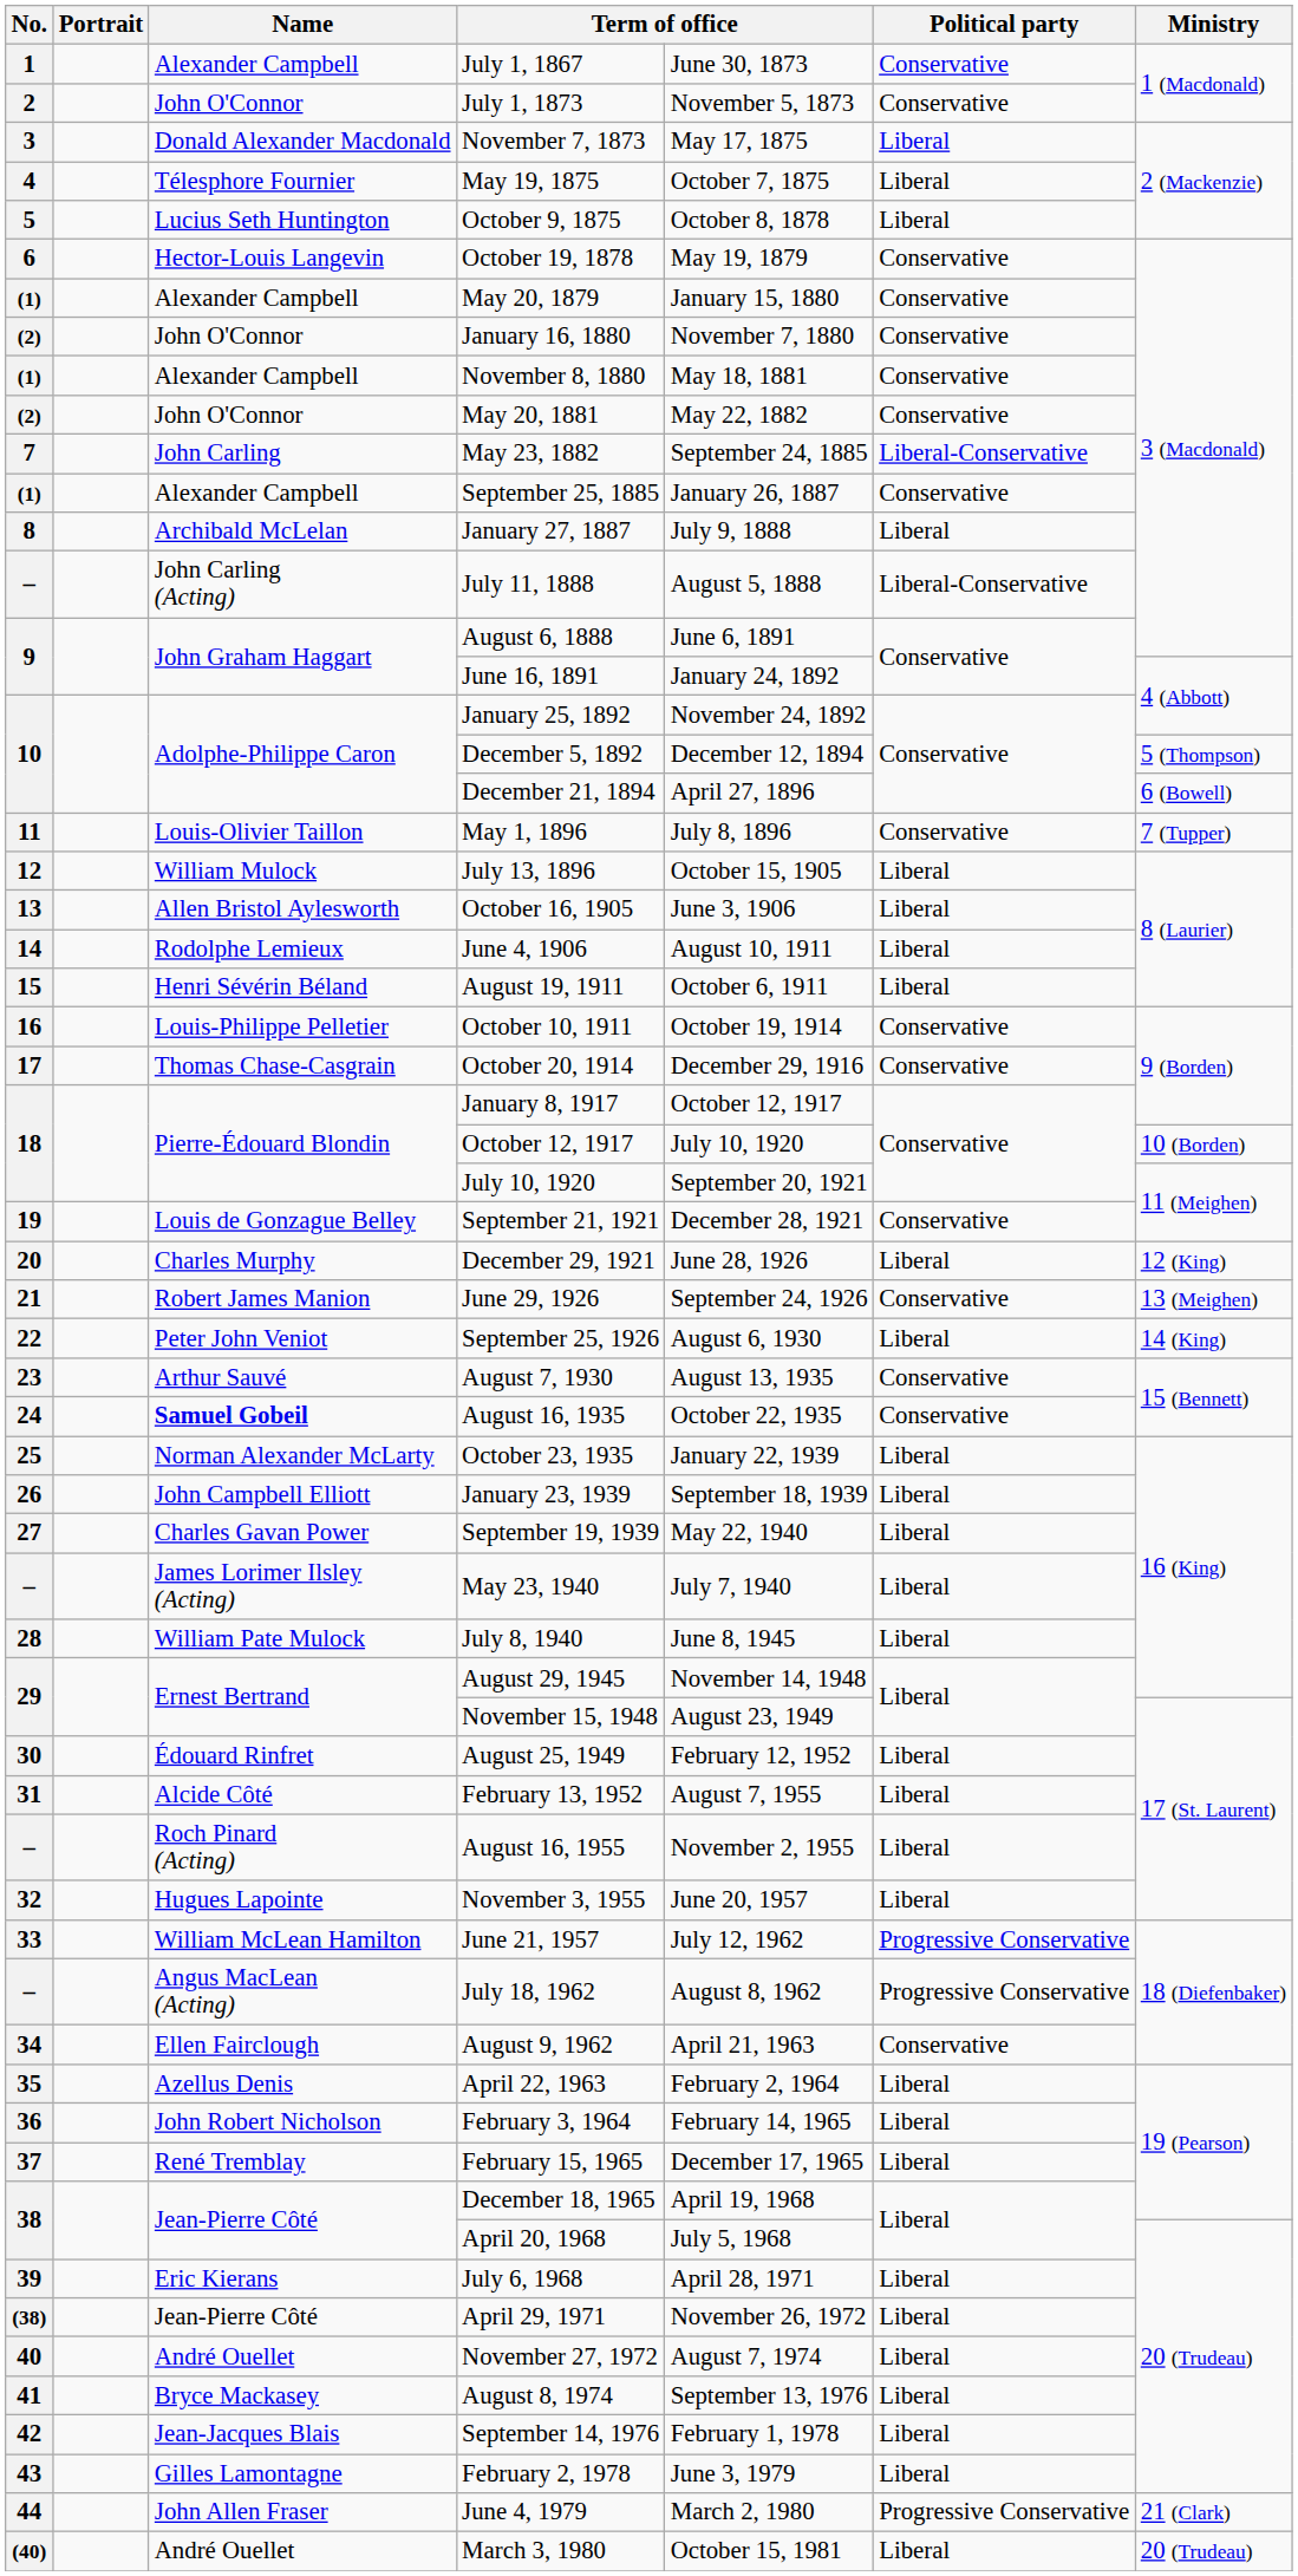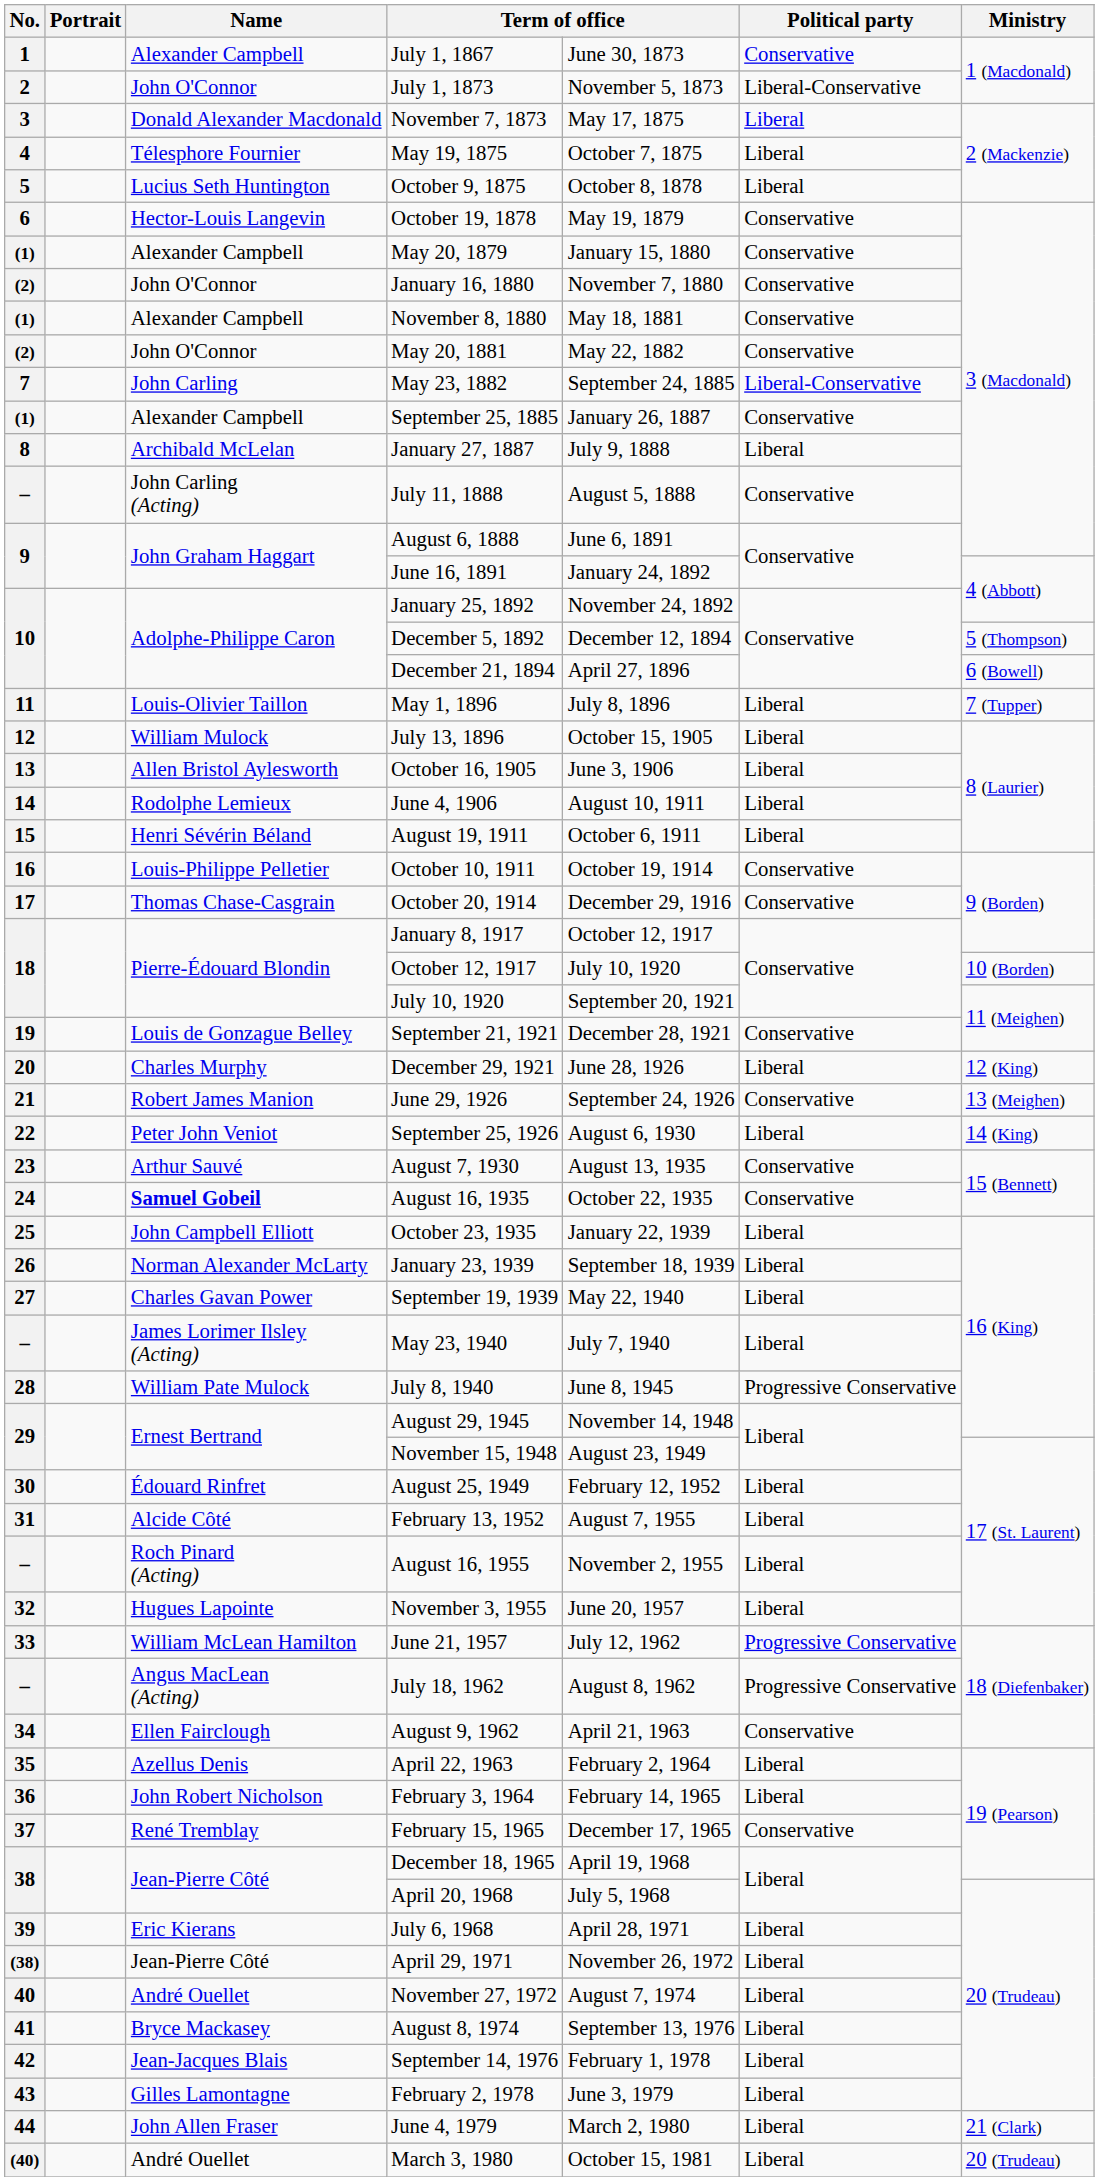 <table class="wikitable">
 <tr>
 <th>No.</th>
 <th>Portrait</th>
 <th>Name</th>
 <th colspan="2">Term of office</th>
 <th>Political party</th>
 <th>Ministry</th>
 </tr>
 <tr>
 <th style="background:">1</th>
 <td></td>
 <td><a href='#'>Alexander Campbell</a></td>
 <td>July 1, 1867</td>
 <td>June 30, 1873</td>
 <td><a href='#'>Conservative</a></td>
 <td rowspan="2"><a href='#'>1</a> <small>(<a href='#'>Macdonald</a>)</small></td>
 </tr>
 <tr>
 <th style="background:">2</th>
 <td></td>
 <td><a href='#'>John O'Connor</a></td>
 <td>July 1, 1873</td>
 <td>November 5, 1873</td>
-<td>Conservative</td>
+<td>Liberal-Conservative</td>
 </tr>
 <tr>
 <th style="background:">3</th>
 <td></td>
 <td><a href='#'>Donald Alexander Macdonald</a></td>
 <td>November 7, 1873</td>
 <td>May 17, 1875</td>
 <td><a href='#'>Liberal</a></td>
 <td rowspan="3"><a href='#'>2</a> <small>(<a href='#'>Mackenzie</a>)</small></td>
 </tr>
 <tr>
 <th style="background:">4</th>
 <td></td>
 <td><a href='#'>Télesphore Fournier</a></td>
 <td>May 19, 1875</td>
 <td>October 7, 1875</td>
 <td>Liberal</td>
 </tr>
 <tr>
 <th style="background:">5</th>
 <td></td>
 <td><a href='#'>Lucius Seth Huntington</a></td>
 <td>October 9, 1875</td>
 <td>October 8, 1878</td>
 <td>Liberal</td>
 </tr>
 <tr>
 <th style="background:">6</th>
 <td></td>
 <td><a href='#'>Hector-Louis Langevin</a></td>
 <td>October 19, 1878</td>
 <td>May 19, 1879</td>
 <td>Conservative</td>
 <td rowspan="10"><a href='#'>3</a> <small>(<a href='#'>Macdonald</a>)</small></td>
 </tr>
 <tr>
 <th style="background:"><small>(1)</small></th>
 <td></td>
 <td>Alexander Campbell</td>
 <td>May 20, 1879</td>
 <td>January 15, 1880</td>
 <td>Conservative</td>
 </tr>
 <tr>
 <th style="background:"><small>(2)</small></th>
 <td></td>
 <td>John O'Connor</td>
 <td>January 16, 1880</td>
 <td>November 7, 1880</td>
 <td>Conservative</td>
 </tr>
 <tr>
 <th style="background:"><small>(1)</small></th>
 <td></td>
 <td>Alexander Campbell</td>
 <td>November 8, 1880</td>
 <td>May 18, 1881</td>
 <td>Conservative</td>
 </tr>
 <tr>
 <th style="background:"><small>(2)</small></th>
 <td></td>
 <td>John O'Connor</td>
 <td>May 20, 1881</td>
 <td>May 22, 1882</td>
 <td>Conservative</td>
 </tr>
 <tr>
 <th style="background:">7</th>
 <td></td>
 <td><a href='#'>John Carling</a></td>
 <td>May 23, 1882</td>
 <td>September 24, 1885</td>
 <td><a href='#'>Liberal-Conservative</a></td>
 </tr>
 <tr>
 <th style="background:"><small>(1)</small></th>
 <td></td>
 <td>Alexander Campbell</td>
 <td>September 25, 1885</td>
 <td>January 26, 1887</td>
 <td>Conservative</td>
 </tr>
 <tr>
 <th style="background:">8</th>
 <td></td>
 <td><a href='#'>Archibald McLelan</a></td>
 <td>January 27, 1887</td>
 <td>July 9, 1888</td>
 <td>Liberal</td>
 </tr>
 <tr>
 <th style="background:">–</th>
 <td></td>
 <td>John Carling<br><em>(Acting)</em></td>
 <td>July 11, 1888</td>
 <td>August 5, 1888</td>
-<td>Liberal-Conservative</td>
+<td>Conservative</td>
 </tr>
 <tr>
 <th rowspan="2" style="background:">9</th>
 <td rowspan="2"></td>
 <td rowspan="2"><a href='#'>John Graham Haggart</a></td>
 <td>August 6, 1888</td>
 <td>June 6, 1891</td>
 <td rowspan="2">Conservative</td>
 </tr>
 <tr>
 <td>June 16, 1891</td>
 <td>January 24, 1892</td>
 <td rowspan="2"><a href='#'>4</a> <small>(<a href='#'>Abbott</a>)</small></td>
 </tr>
 <tr>
 <th rowspan="3" style="background:">10</th>
 <td rowspan="3"></td>
 <td rowspan="3"><a href='#'>Adolphe-Philippe Caron</a></td>
 <td>January 25, 1892</td>
 <td>November 24, 1892</td>
 <td rowspan="3">Conservative</td>
 </tr>
 <tr>
 <td>December 5, 1892</td>
 <td>December 12, 1894</td>
 <td><a href='#'>5</a> <small>(<a href='#'>Thompson</a>)</small></td>
 </tr>
 <tr>
 <td>December 21, 1894</td>
 <td>April 27, 1896</td>
 <td><a href='#'>6</a> <small>(<a href='#'>Bowell</a>)</small></td>
 </tr>
 <tr>
 <th style="background:">11</th>
 <td></td>
 <td><a href='#'>Louis-Olivier Taillon</a></td>
 <td>May 1, 1896</td>
 <td>July 8, 1896</td>
-<td>Conservative</td>
+<td>Liberal</td>
 <td><a href='#'>7</a> <small>(<a href='#'>Tupper</a>)</small></td>
 </tr>
 <tr>
 <th style="background:">12</th>
 <td></td>
 <td><a href='#'>William Mulock</a></td>
 <td>July 13, 1896</td>
 <td>October 15, 1905</td>
 <td>Liberal</td>
 <td rowspan="4"><a href='#'>8</a> <small>(</small><small><a href='#'>Laurier</a>)</small></td>
 </tr>
 <tr>
 <th style="background:">13</th>
 <td></td>
 <td><a href='#'>Allen Bristol Aylesworth</a></td>
 <td>October 16, 1905</td>
 <td>June 3, 1906</td>
 <td>Liberal</td>
 </tr>
 <tr>
 <th style="background:">14</th>
 <td></td>
 <td><a href='#'>Rodolphe Lemieux</a></td>
 <td>June 4, 1906</td>
 <td>August 10, 1911</td>
 <td>Liberal</td>
 </tr>
 <tr>
 <th style="background:">15</th>
 <td></td>
 <td><a href='#'>Henri Sévérin Béland</a></td>
 <td>August 19, 1911</td>
 <td>October 6, 1911</td>
 <td>Liberal</td>
 </tr>
 <tr>
 <th style="background:">16</th>
 <td></td>
 <td><a href='#'>Louis-Philippe Pelletier</a></td>
 <td>October 10, 1911</td>
 <td>October 19, 1914</td>
 <td>Conservative</td>
 <td rowspan="3"><a href='#'>9</a> <small>(</small><small><a href='#'>Borden</a>)</small></td>
 </tr>
 <tr>
 <th style="background:">17</th>
 <td></td>
 <td><a href='#'>Thomas Chase-Casgrain</a></td>
 <td>October 20, 1914</td>
 <td>December 29, 1916</td>
 <td>Conservative</td>
 </tr>
 <tr>
 <th rowspan="3" style="background:">18</th>
 <td rowspan="3"></td>
 <td rowspan="3"><a href='#'>Pierre-Édouard Blondin</a></td>
 <td>January 8, 1917</td>
 <td>October 12, 1917</td>
 <td rowspan="3">Conservative</td>
 </tr>
 <tr>
 <td>October 12, 1917</td>
 <td>July 10, 1920</td>
 <td><a href='#'>10</a> <small>(</small><small><a href='#'>Borden</a>)</small></td>
 </tr>
 <tr>
 <td>July 10, 1920</td>
 <td>September 20, 1921</td>
 <td rowspan="2"><a href='#'>11</a> <small>(<a href='#'>Meighen</a></small><small>)</small></td>
 </tr>
 <tr>
 <th style="background:">19</th>
 <td></td>
 <td><a href='#'>Louis de Gonzague Belley</a></td>
 <td>September 21, 1921</td>
 <td>December 28, 1921</td>
 <td>Conservative</td>
 </tr>
 <tr>
 <th style="background:">20</th>
 <td></td>
 <td><a href='#'>Charles Murphy</a></td>
 <td>December 29, 1921</td>
 <td>June 28, 1926</td>
 <td>Liberal</td>
 <td><a href='#'>12</a> <small>(<a href='#'>King</a></small><small>)</small></td>
 </tr>
 <tr>
 <th style="background:">21</th>
 <td></td>
 <td><a href='#'>Robert James Manion</a></td>
 <td>June 29, 1926</td>
 <td>September 24, 1926</td>
 <td>Conservative</td>
 <td><a href='#'>13</a> <small>(<a href='#'>Meighen</a></small><small>)</small></td>
 </tr>
 <tr>
 <th style="background:">22</th>
 <td></td>
 <td><a href='#'>Peter John Veniot</a></td>
 <td>September 25, 1926</td>
 <td>August 6, 1930</td>
 <td>Liberal</td>
 <td><a href='#'>14</a> <small>(<a href='#'>King</a></small><small>)</small></td>
 </tr>
 <tr>
 <th style="background:">23</th>
 <td></td>
 <td><a href='#'>Arthur Sauvé</a></td>
 <td>August 7, 1930</td>
 <td>August 13, 1935</td>
 <td>Conservative</td>
 <td rowspan="2"><a href='#'>15</a> <small>(<a href='#'>Bennett</a></small><small>)</small></td>
 </tr>
 <tr>
 <th style="background:">24</th>
 <td></td>
 <td><strong><a href='#'>Samuel Gobeil</a></strong></td>
 <td>August 16, 1935</td>
 <td>October 22, 1935</td>
 <td>Conservative</td>
 </tr>
 <tr>
 <th style="background:">25</th>
 <td></td>
-<td><a href='#'>Norman Alexander McLarty</a></td>
+<td><a href='#'>John Campbell Elliott</a></td>
 <td>October 23, 1935</td>
 <td>January 22, 1939</td>
 <td>Liberal</td>
 <td rowspan="6"><a href='#'>16</a> <small>(<a href='#'>King</a></small><small>)</small></td>
 </tr>
 <tr>
 <th style="background:">26</th>
 <td></td>
-<td><a href='#'>John Campbell Elliott</a></td>
+<td><a href='#'>Norman Alexander McLarty</a></td>
 <td>January 23, 1939</td>
 <td>September 18, 1939</td>
 <td>Liberal</td>
 </tr>
 <tr>
 <th style="background:">27</th>
 <td></td>
 <td><a href='#'>Charles Gavan Power</a></td>
 <td>September 19, 1939</td>
 <td>May 22, 1940</td>
 <td>Liberal</td>
 </tr>
 <tr>
 <th style="background:">–</th>
 <td></td>
 <td><a href='#'>James Lorimer Ilsley</a><br><em>(Acting)</em></td>
 <td>May 23, 1940</td>
 <td>July 7, 1940</td>
 <td>Liberal</td>
 </tr>
 <tr>
 <th style="background:">28</th>
 <td></td>
 <td><a href='#'>William Pate Mulock</a></td>
 <td>July 8, 1940</td>
 <td>June 8, 1945</td>
-<td>Liberal</td>
+<td>Progressive Conservative</td>
 </tr>
 <tr>
 <th rowspan="2" style="background:">29</th>
 <td rowspan="2"></td>
 <td rowspan="2"><a href='#'>Ernest Bertrand</a></td>
 <td>August 29, 1945</td>
 <td>November 14, 1948</td>
 <td rowspan="2">Liberal</td>
 </tr>
 <tr>
 <td>November 15, 1948</td>
 <td>August 23, 1949</td>
 <td rowspan="5"><a href='#'>17</a> <small>(<a href='#'>St. Laurent</a></small><small>)</small></td>
 </tr>
 <tr>
 <th style="background:">30</th>
 <td></td>
 <td><a href='#'>Édouard Rinfret</a></td>
 <td>August 25, 1949</td>
 <td>February 12, 1952</td>
 <td>Liberal</td>
 </tr>
 <tr>
 <th style="background:">31</th>
 <td></td>
 <td><a href='#'>Alcide Côté</a></td>
 <td>February 13, 1952</td>
 <td>August 7, 1955</td>
 <td>Liberal</td>
 </tr>
 <tr>
 <th style="background:">–</th>
 <td></td>
 <td><a href='#'>Roch Pinard</a><br><em>(Acting)</em></td>
 <td>August 16, 1955</td>
 <td>November 2, 1955</td>
 <td>Liberal</td>
 </tr>
 <tr>
 <th style="background:">32</th>
 <td></td>
 <td><a href='#'>Hugues Lapointe</a></td>
 <td>November 3, 1955</td>
 <td>June 20, 1957</td>
 <td>Liberal</td>
 </tr>
 <tr>
 <th style="background:">33</th>
 <td></td>
 <td><a href='#'>William McLean Hamilton</a></td>
 <td>June 21, 1957</td>
 <td>July 12, 1962</td>
 <td><a href='#'>Progressive Conservative</a></td>
 <td rowspan="3"><a href='#'>18</a> <small>(<a href='#'>Diefenbaker</a></small><small>)</small></td>
 </tr>
 <tr>
 <th style="background:">–</th>
 <td></td>
 <td><a href='#'>Angus MacLean</a><br><em>(Acting)</em></td>
 <td>July 18, 1962</td>
 <td>August 8, 1962</td>
 <td>Progressive Conservative</td>
 </tr>
 <tr>
 <th style="background:">34</th>
 <td></td>
 <td><a href='#'>Ellen Fairclough</a></td>
 <td>August 9, 1962</td>
 <td>April 21, 1963</td>
 <td>Conservative</td>
 </tr>
 <tr>
 <th style="background:">35</th>
 <td></td>
 <td><a href='#'>Azellus Denis</a></td>
 <td>April 22, 1963</td>
 <td>February 2, 1964</td>
 <td>Liberal</td>
 <td rowspan="4"><a href='#'>19</a> <small>(<a href='#'>Pearson</a></small><small>)</small></td>
 </tr>
 <tr>
 <th style="background:">36</th>
 <td></td>
 <td><a href='#'>John Robert Nicholson</a></td>
 <td>February 3, 1964</td>
 <td>February 14, 1965</td>
 <td>Liberal</td>
 </tr>
 <tr>
 <th style="background:">37</th>
 <td></td>
 <td><a href='#'>René Tremblay</a></td>
 <td>February 15, 1965</td>
 <td>December 17, 1965</td>
-<td>Liberal</td>
+<td>Conservative</td>
 </tr>
 <tr>
 <th rowspan="2" style="background:">38</th>
 <td rowspan="2"></td>
 <td rowspan="2"><a href='#'>Jean-Pierre Côté</a></td>
 <td>December 18, 1965</td>
 <td>April 19, 1968</td>
 <td rowspan="2">Liberal</td>
 </tr>
 <tr>
 <td>April 20, 1968</td>
 <td>July 5, 1968</td>
 <td rowspan="7"><a href='#'>20</a> <small>(<a href='#'>Trudeau</a></small><small>)</small></td>
 </tr>
 <tr>
 <th style="background:">39</th>
 <td></td>
 <td><a href='#'>Eric Kierans</a></td>
 <td>July 6, 1968</td>
 <td>April 28, 1971</td>
 <td>Liberal</td>
 </tr>
 <tr>
 <th style="background:"><small>(38)</small></th>
 <td></td>
 <td>Jean-Pierre Côté</td>
 <td>April 29, 1971</td>
 <td>November 26, 1972</td>
 <td>Liberal</td>
 </tr>
 <tr>
 <th style="background:">40</th>
 <td></td>
 <td><a href='#'>André Ouellet</a></td>
 <td>November 27, 1972</td>
 <td>August 7, 1974</td>
 <td>Liberal</td>
 </tr>
 <tr>
 <th style="background:">41</th>
 <td></td>
 <td><a href='#'>Bryce Mackasey</a></td>
 <td>August 8, 1974</td>
 <td>September 13, 1976</td>
 <td>Liberal</td>
 </tr>
 <tr>
 <th style="background:">42</th>
 <td></td>
 <td><a href='#'>Jean-Jacques Blais</a></td>
 <td>September 14, 1976</td>
 <td>February 1, 1978</td>
 <td>Liberal</td>
 </tr>
 <tr>
 <th style="background:">43</th>
 <td></td>
 <td><a href='#'>Gilles Lamontagne</a></td>
 <td>February 2, 1978</td>
 <td>June 3, 1979</td>
 <td>Liberal</td>
 </tr>
 <tr>
 <th style="background:">44</th>
 <td></td>
 <td><a href='#'>John Allen Fraser</a></td>
 <td>June 4, 1979</td>
 <td>March 2, 1980</td>
-<td>Progressive Conservative</td>
+<td>Liberal</td>
 <td><a href='#'>21</a> <small>(<a href='#'>Clark</a></small><small>)</small></td>
 </tr>
 <tr>
 <th style="background:"><small>(40)</small></th>
 <td></td>
 <td>André Ouellet</td>
 <td>March 3, 1980</td>
 <td>October 15, 1981</td>
 <td>Liberal</td>
 <td><a href='#'>20</a> <small>(<a href='#'>Trudeau</a></small><small>)</small></td>
 </tr>
 </table>
